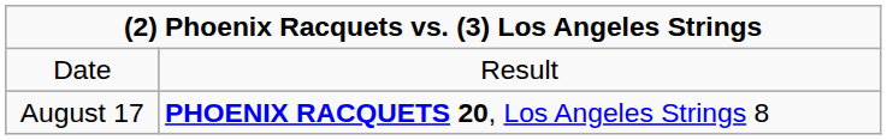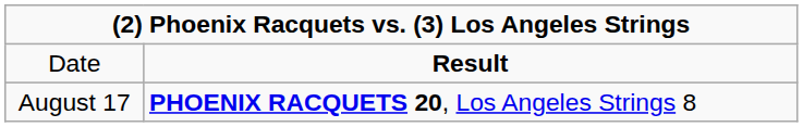 <table class="wikitable" style="font-size:92%; text-align:left; line-height:normal; width=50%">
 <tr>
 <td style="text-align:center;" colspan=3><strong>(2) Phoenix Racquets vs. (3) Los Angeles Strings</strong></td>
 </tr>
 <tr>
 <td style="text-align:center; width:75px">Date</td>
-<td style="text-align:center; width:380px">Result</td>
+<td style="text-align:center; width:380px"><strong>Result</strong></td>
 </tr>
 <tr>
 <td style="text-align:center;">August 17</td>
 <td><strong><a href='#'>PHOENIX RACQUETS</a> 20</strong>, <a href='#'>Los Angeles Strings</a> 8</td>
 </tr>
 </table>
